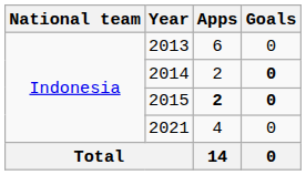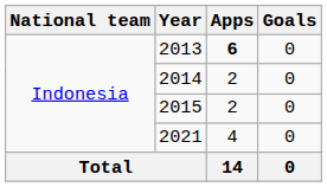 <table class=wikitable style=text-align:center>
 <tr>
 <th>National team</th>
 <th>Year</th>
 <th>Apps</th>
 <th>Goals</th>
 </tr>
 <tr>
 <td rowspan="4"><a href='#'>Indonesia</a></td>
 <td>2013</td>
-<td>6</td>
+<td><strong>6</strong></td>
 <td>0</td>
 </tr>
 <tr>
 <td>2014</td>
 <td>2</td>
-<td><strong>0</strong></td>
+<td>0</td>
 </tr>
 <tr>
 <td>2015</td>
-<td><strong>2</strong></td>
-<td><strong>0</strong></td>
+<td>2</td>
+<td>0</td>
 </tr>
 <tr>
 <td>2021</td>
 <td>4</td>
 <td>0</td>
 </tr>
 <tr>
 <th colspan=2>Total</th>
 <th>14</th>
 <th>0</th>
 </tr>
 </table>
